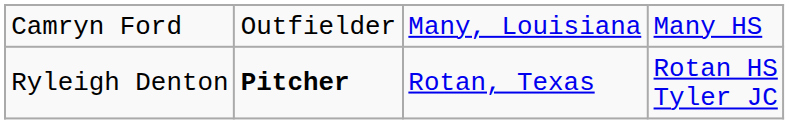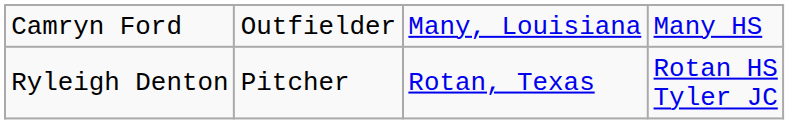 <table class="wikitable">
 <tr>
 <td>Camryn Ford</td>
 <td>Outfielder</td>
 <td><a href='#'>Many, Louisiana</a></td>
 <td><a href='#'>Many HS</a></td>
 </tr>
 <tr>
 <td>Ryleigh Denton</td>
-<td><strong>Pitcher</strong></td>
+<td>Pitcher</td>
 <td><a href='#'>Rotan, Texas</a></td>
 <td><a href='#'>Rotan HS</a><br><a href='#'>Tyler JC</a></td>
 </tr>
 </table>
